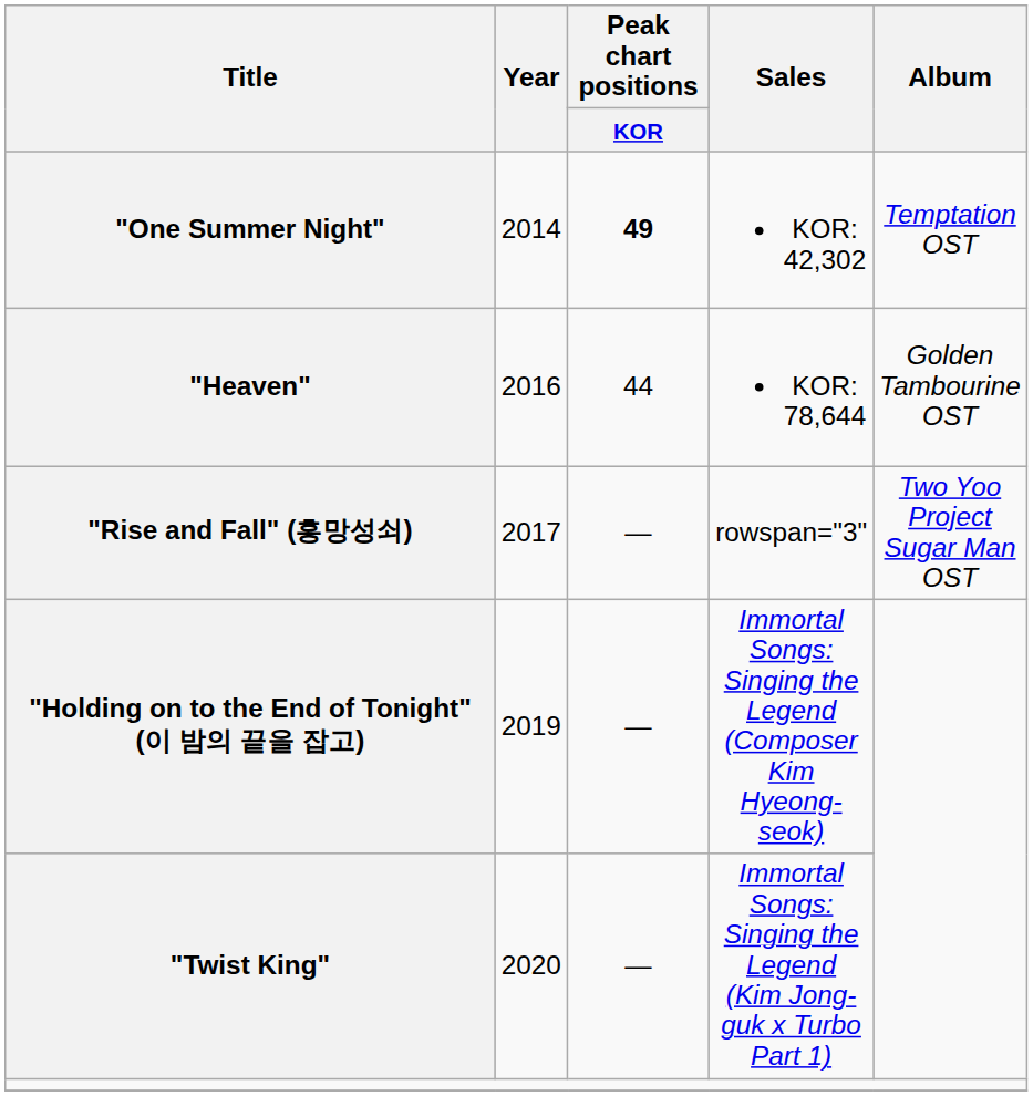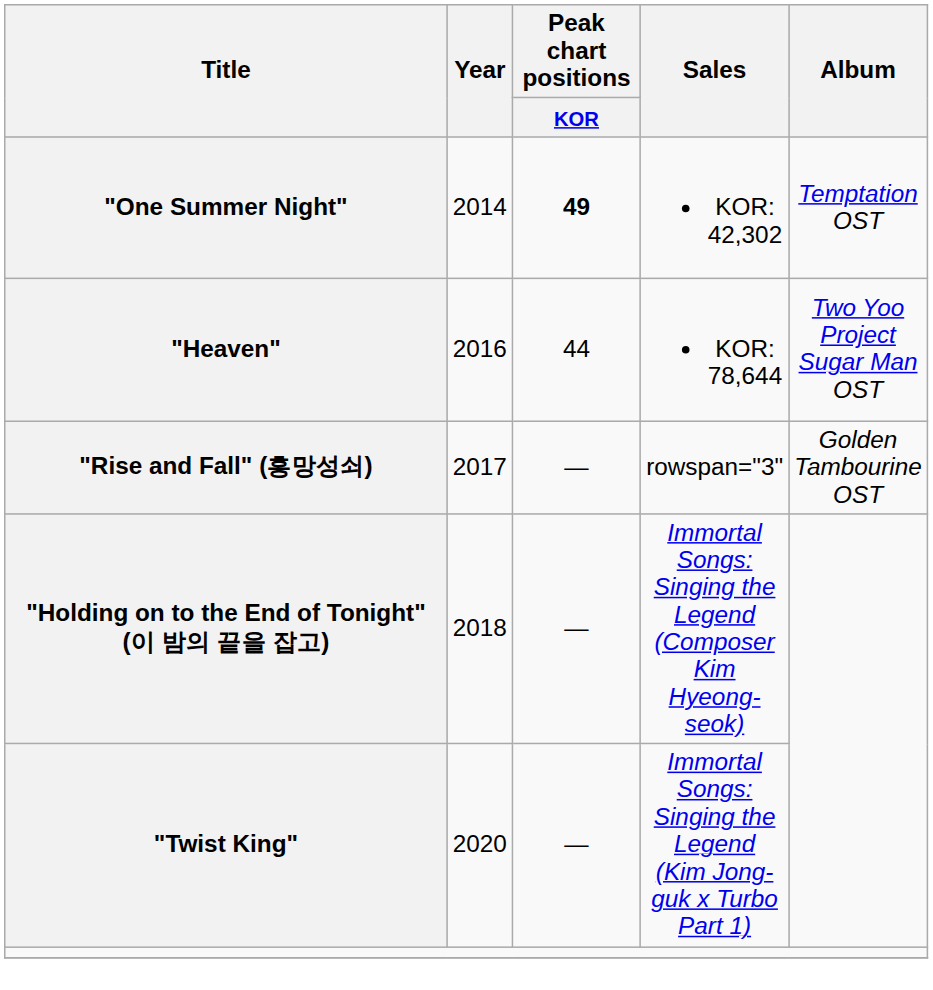 <table class="wikitable plainrowheaders" style="text-align:center;">
 <tr>
 <th scope="col" rowspan="2" style="width:25em;">Title</th>
 <th scope="col" rowspan="2">Year</th>
 <th scope="col" colspan="1" style="width:5em;">Peak chart positions</th>
 <th scope="col" rowspan="2">Sales</th>
 <th scope="col" rowspan="2">Album</th>
 </tr>
 <tr>
 <th><small><a href='#'>KOR</a></small><br></th>
 </tr>
 <tr>
 <th scope="row">"One Summer Night"<br></th>
 <td>2014</td>
 <td><strong>49</strong></td>
 <td><br><ul><li>KOR: 42,302</li></ul></td>
 <td><em><a href='#'>Temptation</a> OST</em></td>
 </tr>
 <tr>
 <th scope="row">"Heaven"</th>
 <td>2016</td>
 <td>44</td>
 <td><br><ul><li>KOR: 78,644</li></ul></td>
-<td><em>Golden Tambourine OST</em></td>
+<td><em><a href='#'>Two Yoo Project Sugar Man</a> OST</em></td>
 </tr>
 <tr>
 <th scope="row">"Rise and Fall" (흥망성쇠)<br></th>
 <td>2017</td>
 <td>—</td>
 <td>rowspan="3" </td>
-<td><em><a href='#'>Two Yoo Project Sugar Man</a> OST</em></td>
+<td><em>Golden Tambourine OST</em></td>
 </tr>
 <tr>
 <th scope="row">"Holding on to the End of Tonight" (이 밤의 끝을 잡고)</th>
-<td>2019</td>
+<td>2018</td>
 <td>—</td>
 <td><em><a href='#'> Immortal Songs: Singing the Legend (Composer Kim Hyeong-seok)</a></em></td>
 </tr>
 <tr>
 <th scope="row">"Twist King" <br></th>
 <td>2020</td>
 <td>—</td>
 <td><em><a href='#'> Immortal Songs: Singing the Legend (Kim Jong-guk x Turbo Part 1)</a></em></td>
 </tr>
 <tr>
 <td colspan="5"></td>
 </tr>
 <tr>
 </tr>
 </table>
